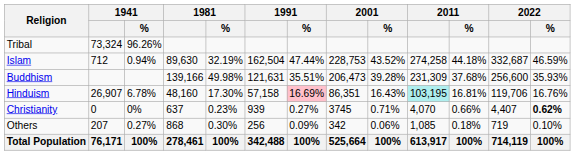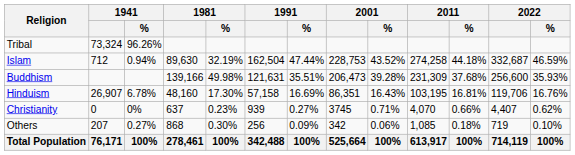 <table class="wikitable sortable">
 <tr>
 <th rowspan="2">Religion</th>
 <th colspan="2">1941</th>
 <th colspan="2">1981</th>
 <th colspan="2">1991</th>
 <th colspan="2">2001</th>
 <th colspan="2">2011</th>
 <th colspan="2">2022</th>
 </tr>
 <tr>
 <th></th>
 <th>%</th>
 <th></th>
 <th>%</th>
 <th></th>
 <th>%</th>
 <th></th>
 <th>%</th>
 <th></th>
 <th>%</th>
 <th></th>
 <th>%</th>
 </tr>
 <tr>
 <td>Tribal</td>
 <td>73,324</td>
 <td>96.26%</td>
 <td></td>
 <td></td>
 <td></td>
 <td></td>
 <td></td>
 <td></td>
 <td></td>
 <td></td>
 <td></td>
 <td></td>
 </tr>
 <tr>
 <td><a href='#'>Islam</a> </td>
 <td>712</td>
 <td>0.94%</td>
 <td>89,630</td>
 <td>32.19%</td>
 <td>162,504</td>
 <td>47.44%</td>
 <td>228,753</td>
 <td>43.52%</td>
 <td>274,258</td>
 <td>44.18%</td>
 <td>332,687</td>
 <td>46.59%</td>
 </tr>
 <tr>
 <td><a href='#'>Buddhism</a> </td>
 <td></td>
 <td></td>
 <td>139,166</td>
 <td>49.98%</td>
 <td>121,631</td>
 <td>35.51%</td>
 <td>206,473</td>
 <td>39.28%</td>
 <td>231,309</td>
 <td>37.68%</td>
 <td>256,600</td>
 <td>35.93%</td>
 </tr>
 <tr>
 <td><a href='#'>Hinduism</a> </td>
 <td>26,907</td>
 <td>6.78%</td>
 <td>48,160</td>
 <td>17.30%</td>
 <td>57,158</td>
-<td style="background: pink;">16.69%</td>
+<td>16.69%</td>
 <td>86,351</td>
 <td>16.43%</td>
-<td style="background: paleturquoise;">103,195</td>
+<td>103,195</td>
 <td>16.81%</td>
 <td>119,706</td>
 <td>16.76%</td>
 </tr>
 <tr>
 <td><a href='#'>Christianity</a> </td>
 <td>0</td>
 <td>0%</td>
 <td>637</td>
 <td>0.23%</td>
 <td>939</td>
 <td>0.27%</td>
 <td>3745</td>
 <td>0.71%</td>
 <td>4,070</td>
 <td>0.66%</td>
 <td>4,407</td>
-<td><strong>0.62%</strong></td>
+<td>0.62%</td>
 </tr>
 <tr>
 <td>Others</td>
 <td>207</td>
 <td>0.27%</td>
 <td>868</td>
 <td>0.30%</td>
 <td>256</td>
 <td>0.09%</td>
 <td>342</td>
 <td>0.06%</td>
 <td>1,085</td>
 <td>0.18%</td>
 <td>719</td>
 <td>0.10%</td>
 </tr>
 <tr>
 <th>Total Population</th>
 <th>76,171</th>
 <th>100%</th>
 <th>278,461</th>
 <th>100%</th>
 <th>342,488</th>
 <th>100%</th>
 <th>525,664</th>
 <th>100%</th>
 <th>613,917</th>
 <th>100%</th>
 <th>714,119</th>
 <th>100%</th>
 </tr>
 </table>
